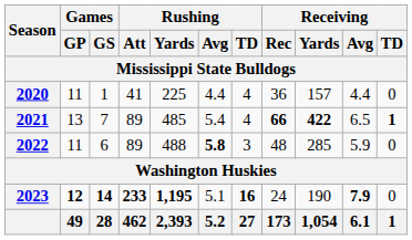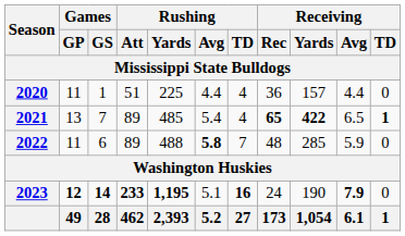 <table class="wikitable" style="text-align:center;">
 <tr>
 <th rowspan="2">Season</th>
 <th colspan="2">Games</th>
 <th colspan="4">Rushing</th>
 <th colspan="4">Receiving</th>
 </tr>
 <tr>
 <th>GP</th>
 <th>GS</th>
 <th>Att</th>
 <th>Yards</th>
 <th>Avg</th>
 <th>TD</th>
 <th>Rec</th>
 <th>Yards</th>
 <th>Avg</th>
 <th>TD</th>
 </tr>
 <tr>
 <th colspan="15">Mississippi State Bulldogs</th>
 </tr>
 <tr>
 <th><a href='#'>2020</a></th>
 <td>11</td>
 <td>1</td>
-<td>41</td>
+<td>51</td>
 <td>225</td>
 <td>4.4</td>
 <td>4</td>
 <td>36</td>
 <td>157</td>
 <td>4.4</td>
 <td>0</td>
 </tr>
 <tr>
 <th><a href='#'>2021</a></th>
 <td>13</td>
 <td>7</td>
 <td>89</td>
 <td>485</td>
 <td>5.4</td>
 <td>4</td>
-<td><strong>66</strong></td>
+<td><strong>65</strong></td>
 <td><strong>422</strong></td>
 <td>6.5</td>
 <td><strong>1</strong></td>
 </tr>
 <tr>
 <th><a href='#'>2022</a></th>
 <td>11</td>
 <td>6</td>
 <td>89</td>
 <td>488</td>
 <td><strong> 5.8</strong></td>
-<td>3</td>
+<td>7</td>
 <td>48</td>
 <td>285</td>
 <td>5.9</td>
 <td>0</td>
 </tr>
 <tr>
 <th colspan="15">Washington Huskies</th>
 </tr>
 <tr>
 <th><a href='#'>2023</a></th>
 <td><strong>12</strong></td>
 <td><strong>14</strong></td>
 <td><strong> 233</strong></td>
 <td><strong> 1,195</strong></td>
 <td>5.1</td>
 <td><strong> 16</strong></td>
 <td>24</td>
 <td>190</td>
 <td><strong>7.9</strong></td>
 <td>0</td>
 </tr>
 <tr>
 <th ! colspan="1"></th>
 <th>49</th>
 <th>28</th>
 <th>462</th>
 <th>2,393</th>
 <th>5.2</th>
 <th>27</th>
 <th>173</th>
 <th>1,054</th>
 <th>6.1</th>
 <th>1</th>
 </tr>
 </table>
